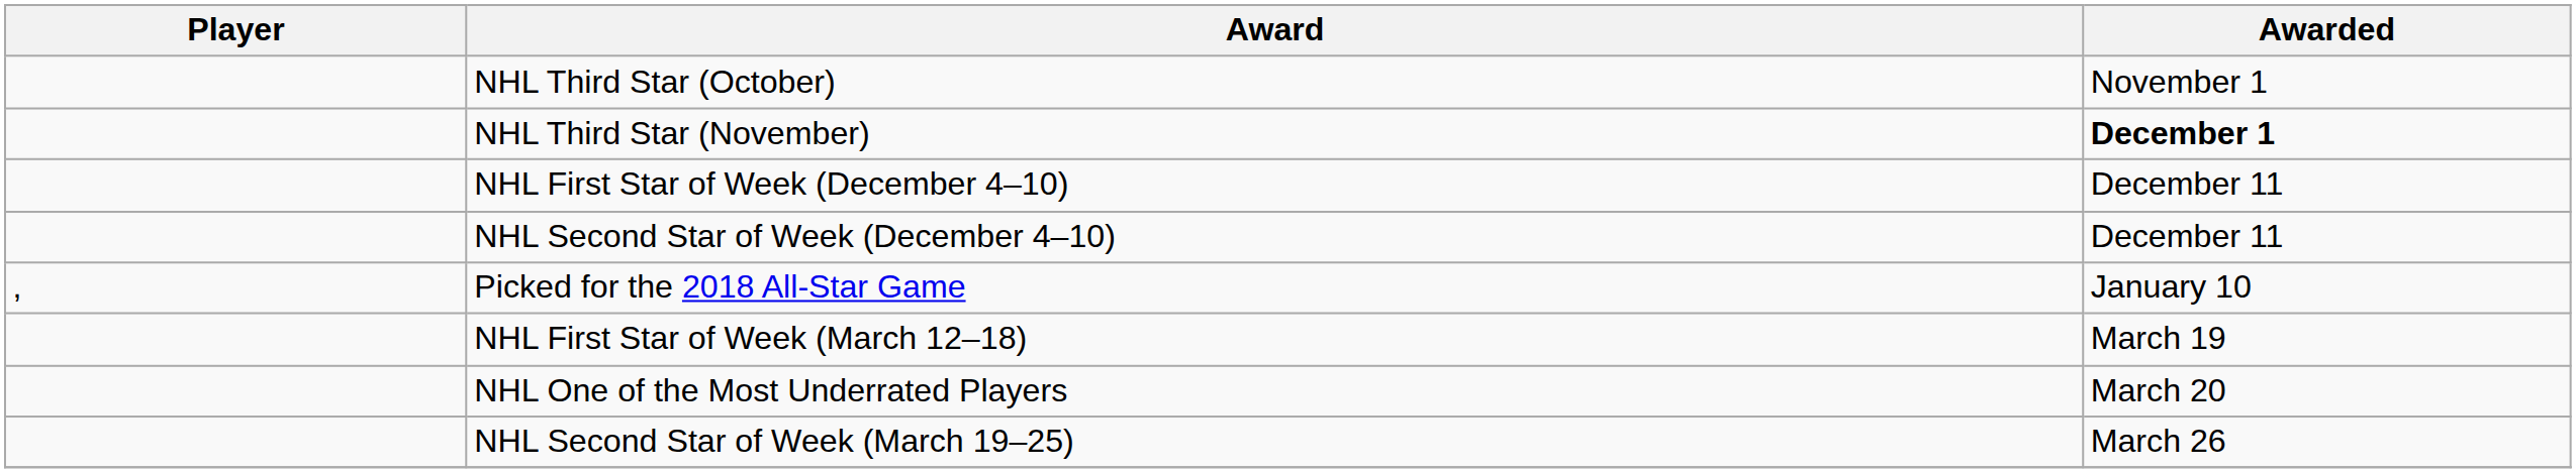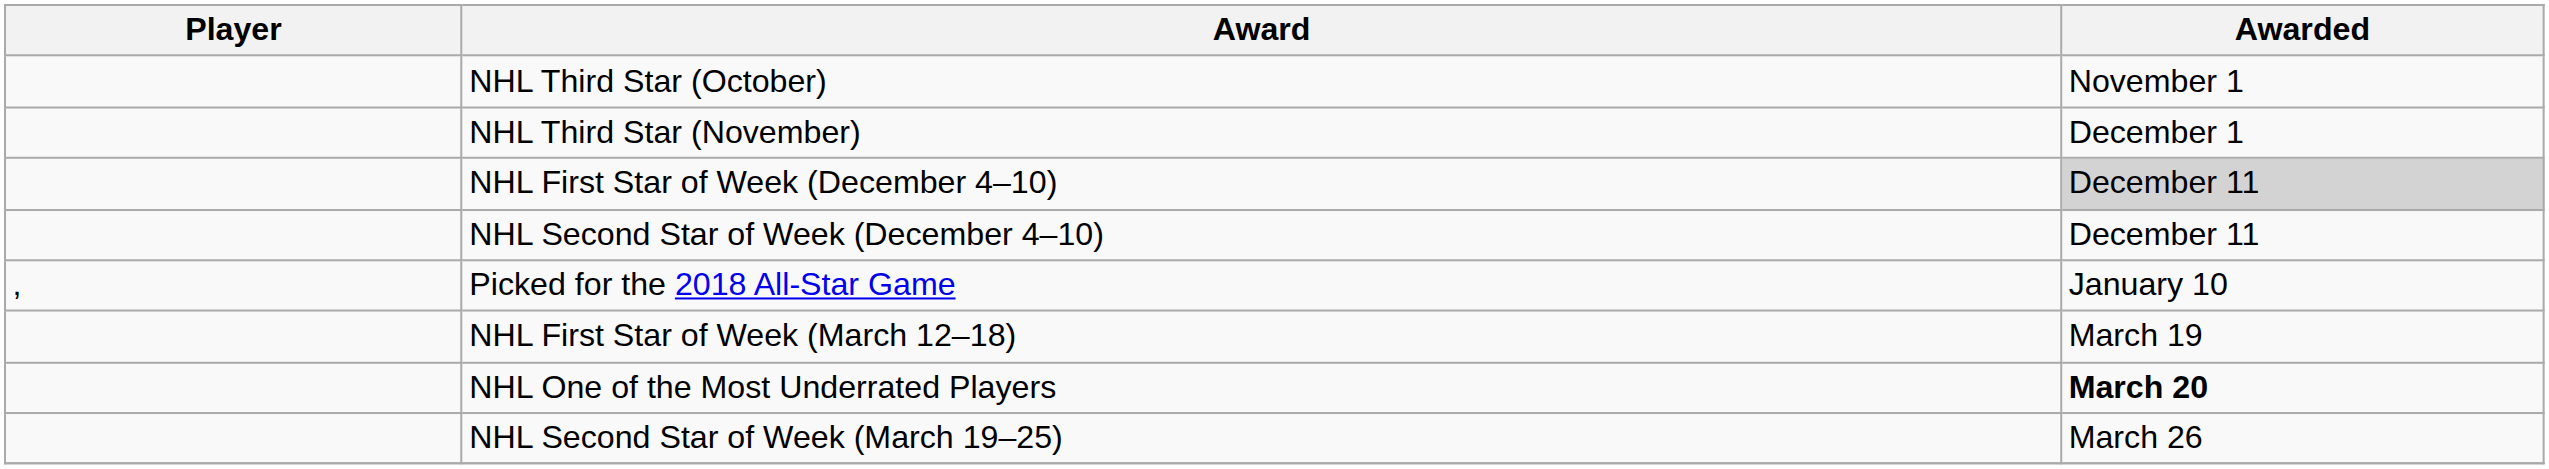 <table class="wikitable sortable" style="width:100%;">
 <tr>
 <th style="width:18%;">Player</th>
 <th style="width:63%;">Award</th>
 <th style="width:19%;" data-sort-type="date">Awarded</th>
 </tr>
 <tr>
 <td></td>
 <td>NHL Third Star (October)</td>
 <td>November 1</td>
 </tr>
 <tr>
 <td></td>
 <td>NHL Third Star (November)</td>
-<td><strong>December 1</strong></td>
+<td>December 1</td>
 </tr>
 <tr>
 <td></td>
 <td>NHL First Star of Week (December 4–10)</td>
-<td>December 11</td>
+<td style="background: lightgrey;">December 11</td>
 </tr>
 <tr>
 <td></td>
 <td>NHL Second Star of Week (December 4–10)</td>
 <td>December 11</td>
 </tr>
 <tr>
 <td>, </td>
 <td>Picked for the <a href='#'>2018 All-Star Game</a></td>
 <td>January 10</td>
 </tr>
 <tr>
 <td></td>
 <td>NHL First Star of Week (March 12–18)</td>
 <td>March 19</td>
 </tr>
 <tr>
 <td></td>
 <td>NHL One of the Most Underrated Players</td>
-<td>March 20</td>
+<td><strong>March 20</strong></td>
 </tr>
 <tr>
 <td></td>
 <td>NHL Second Star of Week (March 19–25)</td>
 <td>March 26</td>
 </tr>
 <tr>
 </tr>
 </table>
